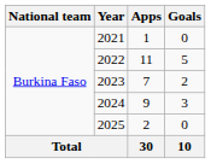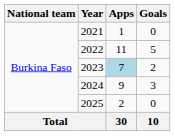 <table class="wikitable" style="text-align:center">
 <tr>
 <th>National team</th>
 <th>Year</th>
 <th>Apps</th>
 <th>Goals</th>
 </tr>
 <tr>
 <td rowspan="5"><a href='#'>Burkina Faso</a></td>
 <td>2021</td>
 <td>1</td>
 <td>0</td>
 </tr>
 <tr>
 <td>2022</td>
 <td>11</td>
 <td>5</td>
 </tr>
 <tr>
 <td>2023</td>
-<td>7</td>
+<td style="background: lightblue;">7</td>
 <td>2</td>
 </tr>
 <tr>
 <td>2024</td>
 <td>9</td>
 <td>3</td>
 </tr>
 <tr>
 <td>2025</td>
 <td>2</td>
 <td>0</td>
 </tr>
 <tr>
 <th colspan="2">Total</th>
 <th>30</th>
 <th>10</th>
 </tr>
 </table>
